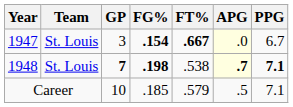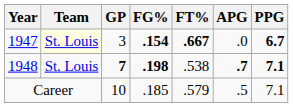 <table class="wikitable sortable" style="font-size:95%; text-align:right;">
 <tr>
 <th>Year</th>
 <th>Team</th>
 <th>GP</th>
 <th>FG%</th>
 <th>FT%</th>
 <th>APG</th>
 <th>PPG</th>
 </tr>
 <tr>
 <td style="text-align:left;"><a href='#'>1947</a></td>
-<td style="text-align:left;"><a href='#'>St. Louis</a></td>
+<td style="background: lightyellow; text-align:left;"><a href='#'>St. Louis</a></td>
 <td>3</td>
 <td><strong>.154</strong></td>
 <td><strong>.667</strong></td>
-<td style="background: lightyellow;">.0</td>
-<td>6.7</td>
+<td>.0</td>
+<td><strong>6.7</strong></td>
 </tr>
 <tr>
 <td style="text-align:left;"><a href='#'>1948</a></td>
 <td style="text-align:left;"><a href='#'>St. Louis</a></td>
 <td><strong>7</strong></td>
 <td><strong>.198</strong></td>
 <td>.538</td>
-<td style="background: lightyellow;"><strong>.7</strong></td>
+<td><strong>.7</strong></td>
 <td><strong>7.1</strong></td>
 </tr>
 <tr>
 <td style="text-align:center;" colspan="2">Career</td>
 <td>10</td>
 <td>.185</td>
 <td>.579</td>
 <td>.5</td>
 <td>7.1</td>
 </tr>
 <tr>
 </tr>
 </table>
